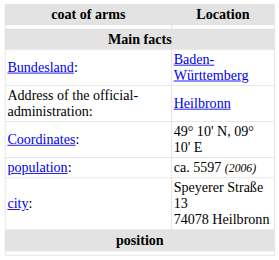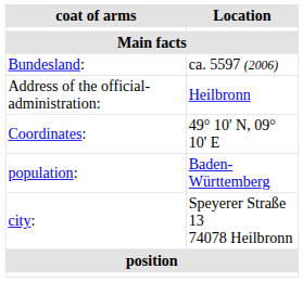 <table cellpadding="2" style="float: right; width: 307px; background: #e3e3e3; margin-left: 1em; border-spacing: 1px;">
 <tr>
 <th><strong>coat of arms</strong></th>
 <th><strong>Location</strong></th>
 </tr>
 <tr --- bgcolor="#FFFFFF">
 <td></td>
 <td></td>
 </tr>
 <tr style="background: #e3e3e3">
 <th colspan="2">Main facts</th>
 </tr>
 <tr style="background: #ffffff;">
 <td><a href='#'>Bundesland</a>:</td>
-<td><a href='#'>Baden-Württemberg</a></td>
+<td>ca. 5597 <em><small>(2006)</small></em></td>
 </tr>
 <tr style="background: #ffffff;">
 <td>Address of the official-administration:</td>
 <td><a href='#'>Heilbronn</a></td>
 </tr>
 <tr style="background: #ffffff;">
 <td><a href='#'>Coordinates</a>:</td>
 <td>49° 10' N, 09° 10' E</td>
 </tr>
 <tr style="background: #ffffff;">
 <td><a href='#'>population</a>:</td>
-<td>ca. 5597 <em><small>(2006)</small></em></td>
+<td><a href='#'>Baden-Württemberg</a></td>
 </tr>
 <tr style="background: #ffffff;">
 <td><a href='#'>city</a>:</td>
 <td>Speyerer Straße 13 <br>74078 Heilbronn</td>
 </tr>
 <tr style="background: #ffffff;">
 </tr>
 <tr>
 <th colspan="2">position</th>
 </tr>
 <tr style="background: white;">
 <td align="center" colspan="2"></td>
 </tr>
 </table>
